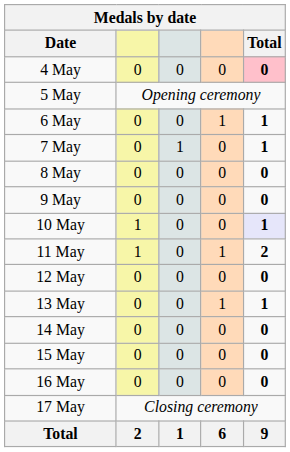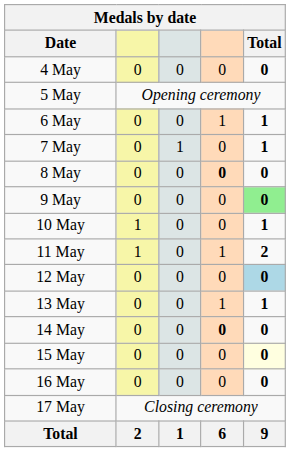 <table class="wikitable" style="font-size:85%; text-align:center;">
 <tr style="background:#efefef;">
 <th colspan=6><strong>Medals by date</strong></th>
 </tr>
 <tr>
 <th width=90><strong>Date</strong></th>
 <th width=30 style="background:#F7F6A8;"></th>
 <th width=30 style="background:#DCE5E5;"></th>
 <th width=30 style="background:#FFDAB9;"></th>
 <th width=30><strong>Total</strong></th>
 </tr>
 <tr>
 <td>4 May</td>
 <td style="background:#F7F6A8;">0</td>
 <td style="background:#DCE5E5;">0</td>
 <td style="background:#FFDAB9;">0</td>
-<td style="background: pink;"><strong>0</strong></td>
+<td><strong>0</strong></td>
 </tr>
 <tr>
 <td>5 May</td>
 <td colspan="4" style="text-align:left center ;"> <em>Opening ceremony</em></td>
 </tr>
 <tr>
 <td>6 May</td>
 <td style="background:#F7F6A8;">0</td>
 <td style="background:#DCE5E5;">0</td>
 <td style="background:#FFDAB9;">1</td>
 <td><strong>1</strong></td>
 </tr>
 <tr>
 <td>7 May</td>
 <td style="background:#F7F6A8;">0</td>
 <td style="background:#DCE5E5;">1</td>
 <td style="background:#FFDAB9;">0</td>
 <td><strong>1</strong></td>
 </tr>
 <tr>
 <td>8 May</td>
 <td style="background:#F7F6A8;">0</td>
 <td style="background:#DCE5E5;">0</td>
-<td style="background:#FFDAB9;">0</td>
+<td style="background:#FFDAB9;"><strong>0</strong></td>
 <td><strong>0</strong></td>
 </tr>
 <tr>
 <td>9 May</td>
 <td style="background:#F7F6A8;">0</td>
 <td style="background:#DCE5E5;">0</td>
 <td style="background:#FFDAB9;">0</td>
-<td><strong>0</strong></td>
+<td style="background: lightgreen;"><strong>0</strong></td>
 </tr>
 <tr>
 <td>10 May</td>
 <td style="background:#F7F6A8;">1</td>
 <td style="background:#DCE5E5;">0</td>
 <td style="background:#FFDAB9;">0</td>
-<td style="background: lavender;"><strong>1</strong></td>
+<td><strong>1</strong></td>
 </tr>
 <tr>
 <td>11 May</td>
 <td style="background:#F7F6A8;">1</td>
 <td style="background:#DCE5E5;">0</td>
 <td style="background:#FFDAB9;">1</td>
 <td><strong>2</strong></td>
 </tr>
 <tr>
 <td>12 May</td>
 <td style="background:#F7F6A8;">0</td>
 <td style="background:#DCE5E5;">0</td>
 <td style="background:#FFDAB9;">0</td>
-<td><strong>0</strong></td>
+<td style="background: lightblue;"><strong>0</strong></td>
 </tr>
 <tr>
 <td>13 May</td>
 <td style="background:#F7F6A8;">0</td>
 <td style="background:#DCE5E5;">0</td>
 <td style="background:#FFDAB9;">1</td>
 <td><strong>1</strong></td>
 </tr>
 <tr>
 <td>14 May</td>
 <td style="background:#F7F6A8;">0</td>
 <td style="background:#DCE5E5;">0</td>
-<td style="background:#FFDAB9;">0</td>
+<td style="background:#FFDAB9;"><strong>0</strong></td>
 <td><strong>0</strong></td>
 </tr>
 <tr>
 <td>15 May</td>
 <td style="background:#F7F6A8;">0</td>
 <td style="background:#DCE5E5;">0</td>
 <td style="background:#FFDAB9;">0</td>
-<td><strong>0</strong></td>
+<td style="background: lightyellow;"><strong>0</strong></td>
 </tr>
 <tr>
 <td>16 May</td>
 <td style="background:#F7F6A8;">0</td>
 <td style="background:#DCE5E5;">0</td>
 <td style="background:#FFDAB9;">0</td>
 <td><strong>0</strong></td>
 </tr>
 <tr>
 <td>17 May</td>
 <td colspan="4"> <em>Closing ceremony</em></td>
 </tr>
 <tr class="sortbottom">
 <th><strong>Total</strong></th>
 <th><strong>2</strong></th>
 <th><strong>1</strong></th>
 <th><strong>6</strong></th>
 <th><strong>9</strong></th>
 </tr>
 </table>
